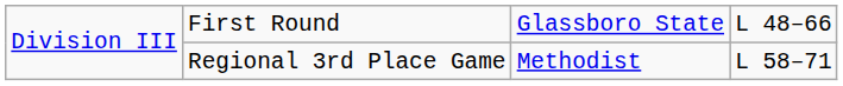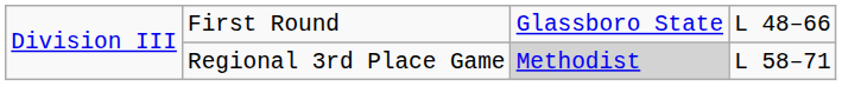 <table class="wikitable">
 <tr>
 <td rowspan="5"><a href='#'>Division III</a></td>
 <td>First Round</td>
 <td><a href='#'>Glassboro State</a></td>
 <td>L 48–66</td>
 </tr>
 <tr>
 <td>Regional 3rd Place Game</td>
-<td><a href='#'>Methodist</a></td>
+<td style="background: lightgrey;"><a href='#'>Methodist</a></td>
 <td>L 58–71</td>
 </tr>
 </table>
